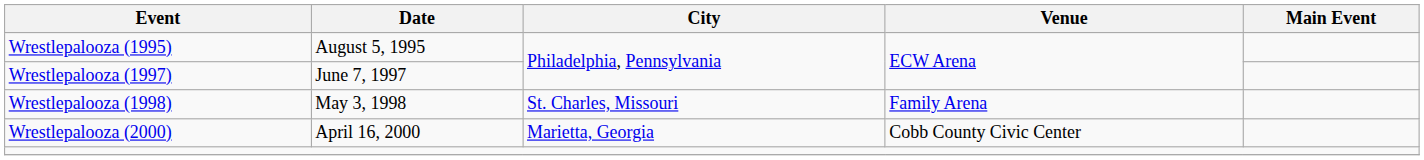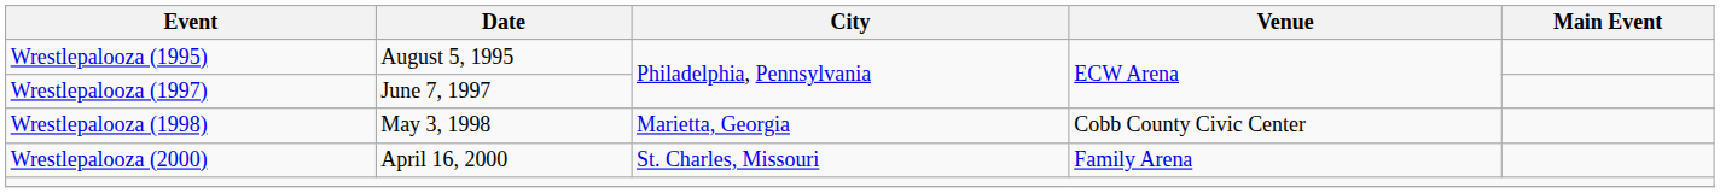 <table class="wikitable sortable" style="align: center" width=100%>
 <tr>
 <th>Event</th>
 <th>Date</th>
 <th>City</th>
 <th>Venue</th>
 <th>Main Event</th>
 </tr>
 <tr>
 <td><a href='#'>Wrestlepalooza (1995)</a></td>
 <td>August 5, 1995</td>
 <td rowspan="2"><a href='#'>Philadelphia</a>, <a href='#'>Pennsylvania</a></td>
 <td rowspan="2"><a href='#'>ECW Arena</a></td>
 <td></td>
 </tr>
 <tr>
 <td><a href='#'>Wrestlepalooza (1997)</a></td>
 <td>June 7, 1997</td>
 <td></td>
 </tr>
 <tr>
 <td><a href='#'>Wrestlepalooza (1998)</a></td>
 <td>May 3, 1998</td>
-<td><a href='#'>St. Charles, Missouri</a></td>
-<td><a href='#'>Family Arena</a></td>
+<td><a href='#'>Marietta, Georgia</a></td>
+<td>Cobb County Civic Center</td>
 <td></td>
 </tr>
 <tr>
 <td><a href='#'>Wrestlepalooza (2000)</a></td>
 <td>April 16, 2000</td>
-<td><a href='#'>Marietta, Georgia</a></td>
-<td>Cobb County Civic Center</td>
+<td><a href='#'>St. Charles, Missouri</a></td>
+<td><a href='#'>Family Arena</a></td>
 <td></td>
 </tr>
 <tr>
 <td colspan="10"></td>
 </tr>
 <tr>
 </tr>
 </table>
